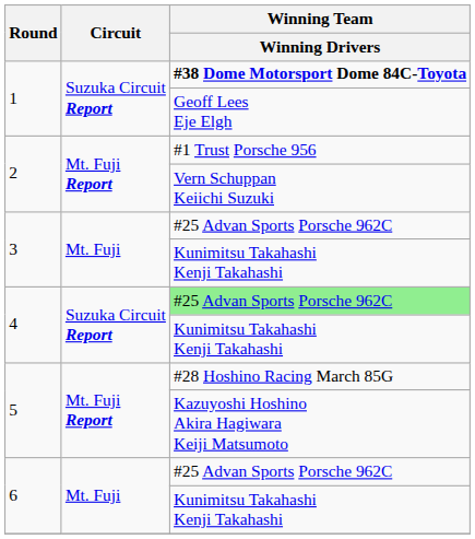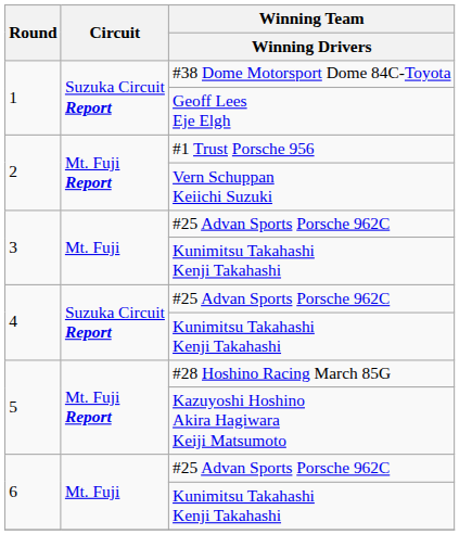 <table class="wikitable" style="font-size: 90%;">
 <tr>
 <th rowspan=2>Round</th>
 <th rowspan=2>Circuit</th>
 <th>Winning Team</th>
 </tr>
 <tr>
 <th>Winning Drivers</th>
 </tr>
 <tr>
 <td rowspan=2>1</td>
 <td rowspan=2><a href='#'>Suzuka Circuit</a><br><strong><em><a href='#'>Report</a></em></strong></td>
-<td><strong>#38 <a href='#'>Dome Motorsport</a> Dome 84C-<a href='#'>Toyota</a></strong></td>
+<td>#38 <a href='#'>Dome Motorsport</a> Dome 84C-<a href='#'>Toyota</a></td>
 </tr>
 <tr>
 <td> <a href='#'>Geoff Lees</a><br> <a href='#'>Eje Elgh</a></td>
 </tr>
 <tr>
 <td rowspan=2>2</td>
 <td rowspan=2><a href='#'>Mt. Fuji</a><br><strong><em><a href='#'>Report</a></em></strong></td>
 <td>#1 <a href='#'>Trust</a>  <a href='#'>Porsche 956</a></td>
 </tr>
 <tr>
 <td> <a href='#'>Vern Schuppan</a><br> <a href='#'>Keiichi Suzuki</a></td>
 </tr>
 <tr>
 <td rowspan=2>3</td>
 <td rowspan=2><a href='#'>Mt. Fuji</a></td>
 <td>#25 <a href='#'>Advan Sports</a>  <a href='#'>Porsche 962C</a></td>
 </tr>
 <tr>
 <td> <a href='#'>Kunimitsu Takahashi</a><br> <a href='#'>Kenji Takahashi</a></td>
 </tr>
 <tr>
 <td rowspan=2>4</td>
 <td rowspan=2><a href='#'>Suzuka Circuit</a><br><strong><em><a href='#'>Report</a></em></strong></td>
-<td style="background: lightgreen;">#25 <a href='#'>Advan Sports</a>  <a href='#'>Porsche 962C</a></td>
+<td>#25 <a href='#'>Advan Sports</a>  <a href='#'>Porsche 962C</a></td>
 </tr>
 <tr>
 <td> <a href='#'>Kunimitsu Takahashi</a><br> <a href='#'>Kenji Takahashi</a></td>
 </tr>
 <tr>
 <td rowspan=2>5</td>
 <td rowspan=2><a href='#'>Mt. Fuji</a><br><strong><em><a href='#'>Report</a></em></strong></td>
 <td>#28 <a href='#'>Hoshino Racing</a> March 85G</td>
 </tr>
 <tr>
 <td> <a href='#'>Kazuyoshi Hoshino</a><br> <a href='#'>Akira Hagiwara</a><br> <a href='#'>Keiji Matsumoto</a></td>
 </tr>
 <tr>
 <td rowspan=2>6</td>
 <td rowspan=2><a href='#'>Mt. Fuji</a></td>
 <td>#25 <a href='#'>Advan Sports</a>  <a href='#'>Porsche 962C</a></td>
 </tr>
 <tr>
 <td> <a href='#'>Kunimitsu Takahashi</a><br> <a href='#'>Kenji Takahashi</a></td>
 </tr>
 <tr>
 </tr>
 </table>
